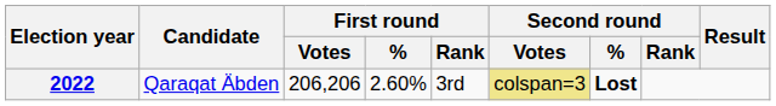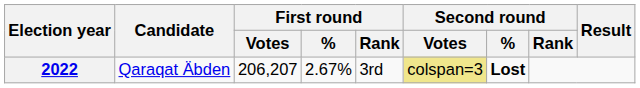 <table class="wikitable">
 <tr>
 <th rowspan="2">Election year</th>
 <th rowspan="2">Candidate</th>
 <th colspan="3">First round</th>
 <th colspan="3">Second round</th>
 <th rowspan="2">Result</th>
 </tr>
 <tr>
 <th>Votes</th>
 <th>%</th>
 <th>Rank</th>
 <th>Votes</th>
 <th>%</th>
 <th>Rank</th>
 </tr>
 <tr>
 <th><a href='#'>2022</a></th>
 <td><a href='#'>Qaraqat Äbden</a></td>
-<td>206,206</td>
-<td>2.60%</td>
+<td>206,207</td>
+<td>2.67%</td>
 <td>3rd</td>
 <td style="background: khaki;">colspan=3 </td>
 <td><strong>Lost</strong> </td>
 </tr>
 </table>
